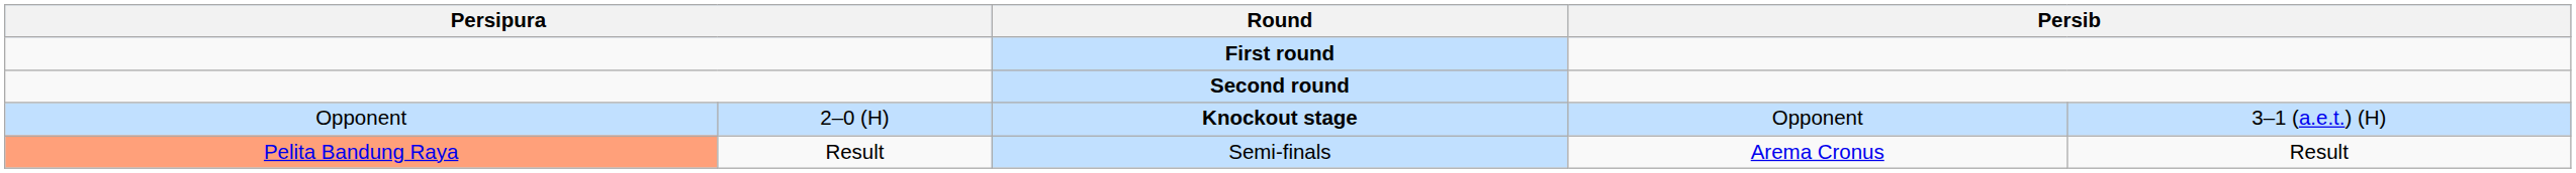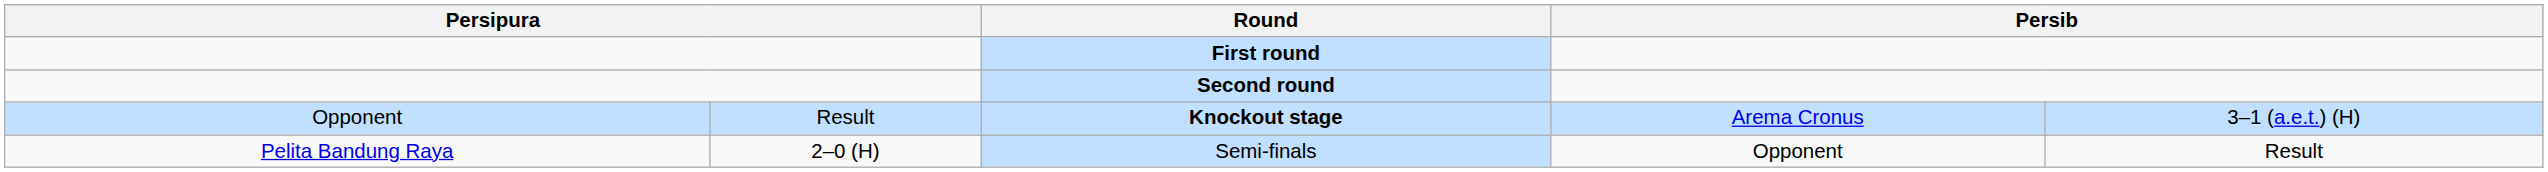 <table class="wikitable" width="100%" style="text-align:center">
 <tr valign=top bgcolor=#c1e0ff>
 <th colspan="2" style="width:1*">Persipura</th>
 <th>Round</th>
 <th colspan="2" style="width:1*">Persib</th>
 </tr>
 <tr>
 <td colspan="2" align="center"><br></td>
 <td bgcolor=#c1e0ff><strong>First round</strong></td>
 <td colspan="2" align="center"></td>
 </tr>
 <tr>
 <td colspan="2" align="center"><br> </td>
 <td bgcolor=#c1e0ff><strong>Second round</strong></td>
 <td colspan="2" align="center"><br> </td>
 </tr>
 <tr valign=top bgcolor=#c1e0ff>
 <td>Opponent</td>
-<td>2–0 (H)</td>
+<td>Result</td>
 <td bgcolor="#c1e0ff"><strong>Knockout stage</strong></td>
-<td>Opponent</td>
+<td><a href='#'>Arema Cronus</a></td>
 <td>3–1 (<a href='#'>a.e.t.</a>) (H)</td>
 </tr>
 <tr>
-<td style="background: lightsalmon;"><a href='#'>Pelita Bandung Raya</a></td>
-<td>Result</td>
+<td><a href='#'>Pelita Bandung Raya</a></td>
+<td>2–0 (H)</td>
 <td bgcolor=#c1e0ff>Semi-finals</td>
-<td><a href='#'>Arema Cronus</a></td>
+<td>Opponent</td>
 <td>Result</td>
 </tr>
 </table>
